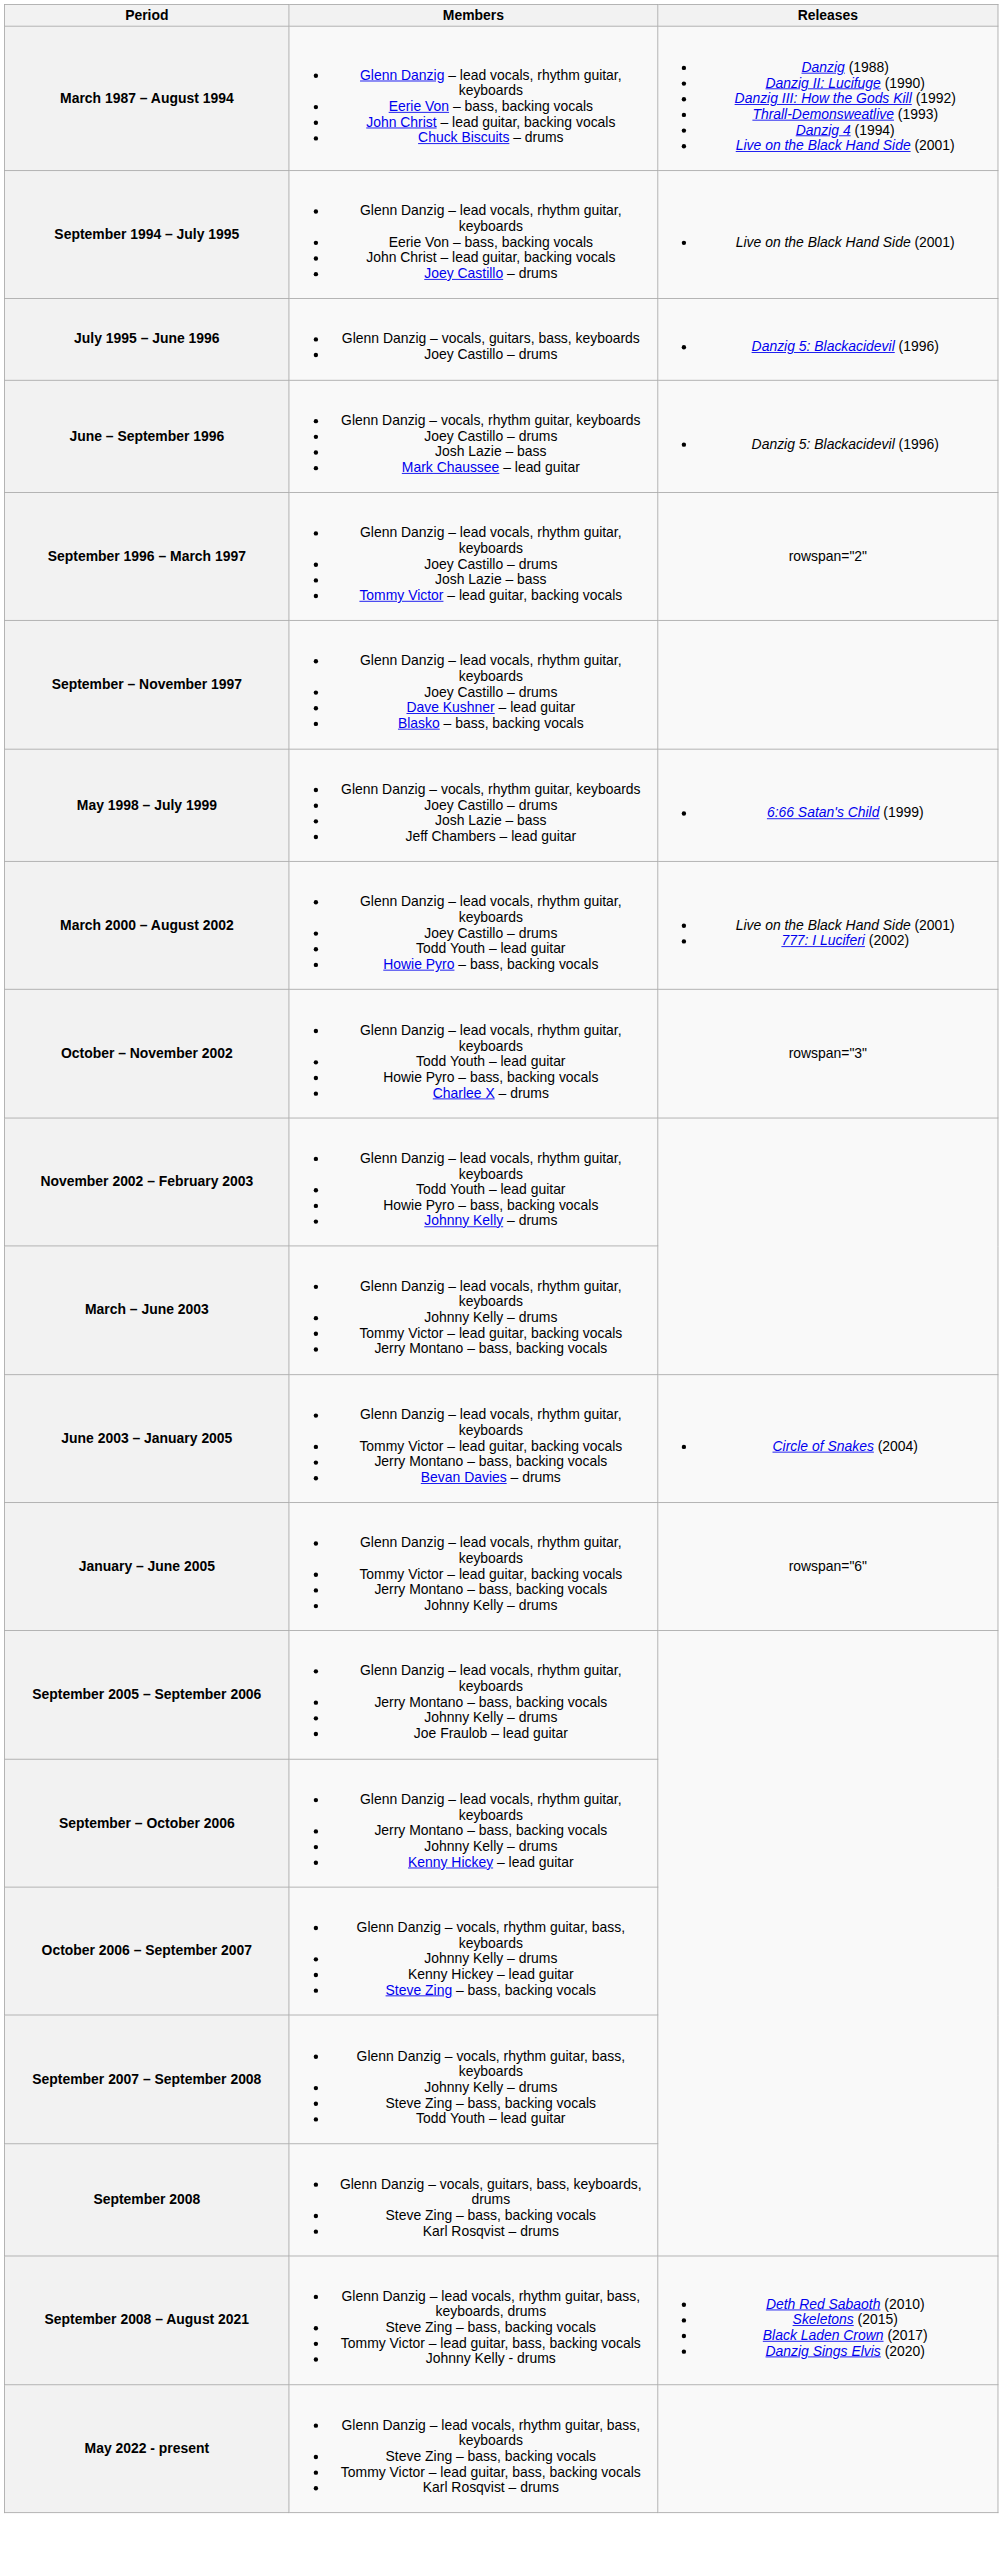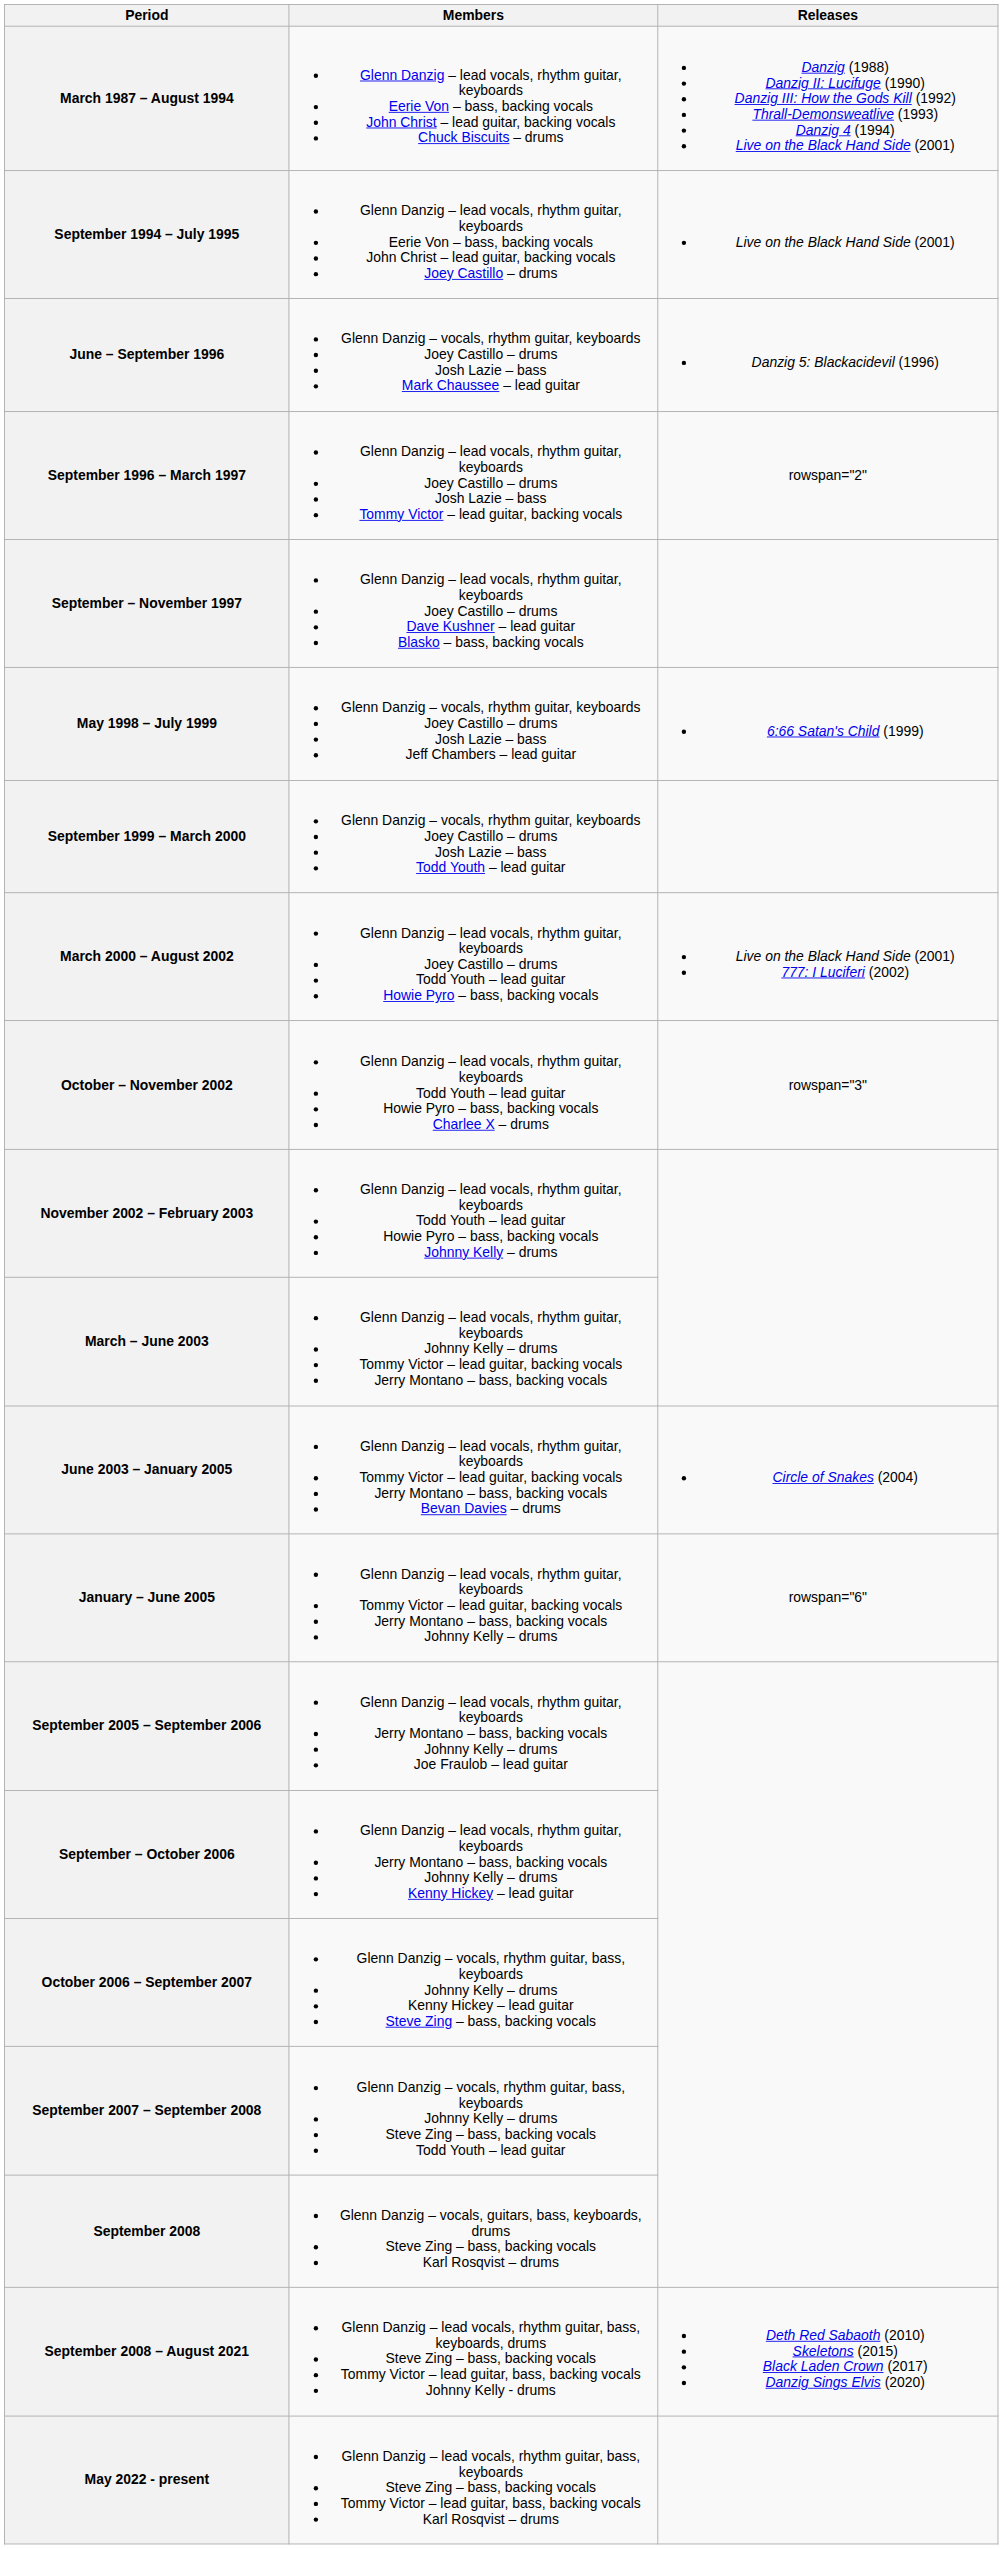 <table class="wikitable plainrowheaders" style="text-align:center;">
 <tr>
 <th scope="col" style="width:20em;">Period</th>
 <th scope="col" style="width:26em;">Members</th>
 <th scope="col" style="width:24em;">Releases</th>
 </tr>
 <tr>
 <th scope="col">March 1987 – August 1994</th>
 <td><br><ul><li><a href='#'>Glenn Danzig</a> – lead vocals, rhythm guitar, keyboards</li><li><a href='#'>Eerie Von</a> – bass, backing vocals</li><li><a href='#'>John Christ</a> – lead guitar, backing vocals</li><li><a href='#'>Chuck Biscuits</a> – drums</li></ul></td>
 <td><br><ul><li><em><a href='#'>Danzig</a></em> (1988)</li><li><em><a href='#'>Danzig II: Lucifuge</a></em> (1990)</li><li><em><a href='#'>Danzig III: How the Gods Kill</a></em> (1992)</li><li><em><a href='#'>Thrall-Demonsweatlive</a></em> (1993)</li><li><em><a href='#'>Danzig 4</a></em> (1994)</li><li><em><a href='#'>Live on the Black Hand Side</a></em> (2001) </li></ul></td>
 </tr>
 <tr>
 <th scope="col">September 1994 – July 1995</th>
 <td><br><ul><li>Glenn Danzig – lead vocals, rhythm guitar, keyboards</li><li>Eerie Von – bass, backing vocals</li><li>John Christ – lead guitar, backing vocals</li><li><a href='#'>Joey Castillo</a> – drums</li></ul></td>
 <td><br><ul><li><em>Live on the Black Hand Side</em> (2001) </li></ul></td>
-</tr>
-<tr>
-<th scope="col">July 1995 – June 1996</th>
-<td><br><ul><li>Glenn Danzig – vocals, guitars, bass, keyboards</li><li>Joey Castillo – drums</li></ul></td>
-<td><br><ul><li><em><a href='#'>Danzig 5: Blackacidevil</a></em> (1996)</li></ul></td>
 </tr>
 <tr>
 <th scope="col">June – September 1996</th>
 <td><br><ul><li>Glenn Danzig – vocals, rhythm guitar, keyboards</li><li>Joey Castillo – drums</li><li>Josh Lazie – bass</li><li><a href='#'>Mark Chaussee</a> – lead guitar</li></ul></td>
 <td><br><ul><li><em>Danzig 5: Blackacidevil</em> (1996) </li></ul></td>
 </tr>
 <tr>
 <th scope="col">September 1996 – March 1997</th>
 <td><br><ul><li>Glenn Danzig – lead vocals, rhythm guitar, keyboards</li><li>Joey Castillo – drums</li><li>Josh Lazie – bass</li><li><a href='#'>Tommy Victor</a> – lead guitar, backing vocals</li></ul></td>
 <td>rowspan="2" </td>
 </tr>
 <tr>
 <th scope="col">September – November 1997</th>
 <td><br><ul><li>Glenn Danzig – lead vocals, rhythm guitar, keyboards</li><li>Joey Castillo – drums</li><li><a href='#'>Dave Kushner</a> – lead guitar</li><li><a href='#'>Blasko</a> – bass, backing vocals</li></ul></td>
 </tr>
 <tr>
 <th scope="col">May 1998 – July 1999</th>
 <td><br><ul><li>Glenn Danzig – vocals, rhythm guitar, keyboards</li><li>Joey Castillo – drums</li><li>Josh Lazie – bass</li><li>Jeff Chambers – lead guitar</li></ul></td>
 <td><br><ul><li><em><a href='#'>6:66 Satan's Child</a></em> (1999)</li></ul></td>
+</tr>
+<tr>
+<th scope="col">September 1999 – March 2000</th>
+<td><br><ul><li>Glenn Danzig – vocals, rhythm guitar, keyboards</li><li>Joey Castillo – drums</li><li>Josh Lazie – bass</li><li><a href='#'>Todd Youth</a> – lead guitar</li></ul></td>
+<td></td>
 </tr>
 <tr>
 <th scope="col">March 2000 – August 2002</th>
 <td><br><ul><li>Glenn Danzig – lead vocals, rhythm guitar, keyboards</li><li>Joey Castillo – drums</li><li>Todd Youth – lead guitar</li><li><a href='#'>Howie Pyro</a> – bass, backing vocals</li></ul></td>
 <td><br><ul><li><em>Live on the Black Hand Side</em> (2001) </li><li><em><a href='#'>777: I Luciferi</a></em> (2002)</li></ul></td>
 </tr>
 <tr>
 <th scope="col">October – November 2002</th>
 <td><br><ul><li>Glenn Danzig – lead vocals, rhythm guitar, keyboards</li><li>Todd Youth – lead guitar</li><li>Howie Pyro – bass, backing vocals</li><li><a href='#'>Charlee X</a> – drums</li></ul></td>
 <td>rowspan="3" </td>
 </tr>
 <tr>
 <th scope="col">November 2002 – February 2003</th>
 <td><br><ul><li>Glenn Danzig – lead vocals, rhythm guitar, keyboards</li><li>Todd Youth – lead guitar</li><li>Howie Pyro – bass, backing vocals</li><li><a href='#'>Johnny Kelly</a> – drums</li></ul></td>
 </tr>
 <tr>
 <th scope="col">March – June 2003</th>
 <td><br><ul><li>Glenn Danzig – lead vocals, rhythm guitar, keyboards</li><li>Johnny Kelly – drums</li><li>Tommy Victor – lead guitar, backing vocals</li><li>Jerry Montano – bass, backing vocals</li></ul></td>
 </tr>
 <tr>
 <th scope="col">June 2003 – January 2005</th>
 <td><br><ul><li>Glenn Danzig – lead vocals, rhythm guitar, keyboards</li><li>Tommy Victor – lead guitar, backing vocals</li><li>Jerry Montano – bass, backing vocals</li><li><a href='#'>Bevan Davies</a> – drums</li></ul></td>
 <td><br><ul><li><em><a href='#'>Circle of Snakes</a></em> (2004)</li></ul></td>
 </tr>
 <tr>
 <th scope="col">January – June 2005</th>
 <td><br><ul><li>Glenn Danzig – lead vocals, rhythm guitar, keyboards</li><li>Tommy Victor – lead guitar, backing vocals</li><li>Jerry Montano – bass, backing vocals</li><li>Johnny Kelly – drums</li></ul></td>
 <td>rowspan="6" </td>
 </tr>
 <tr>
 <th scope="col">September 2005 – September 2006</th>
 <td><br><ul><li>Glenn Danzig – lead vocals, rhythm guitar, keyboards</li><li>Jerry Montano – bass, backing vocals</li><li>Johnny Kelly – drums</li><li>Joe Fraulob – lead guitar</li></ul></td>
 </tr>
 <tr>
 <th scope="col">September – October 2006</th>
 <td><br><ul><li>Glenn Danzig – lead vocals, rhythm guitar, keyboards</li><li>Jerry Montano – bass, backing vocals</li><li>Johnny Kelly – drums</li><li><a href='#'>Kenny Hickey</a> – lead guitar</li></ul></td>
 </tr>
 <tr>
 <th scope="col">October 2006 – September 2007</th>
 <td><br><ul><li>Glenn Danzig – vocals, rhythm guitar, bass, keyboards</li><li>Johnny Kelly – drums</li><li>Kenny Hickey – lead guitar</li><li><a href='#'>Steve Zing</a> – bass, backing vocals </li></ul></td>
 </tr>
 <tr>
 <th scope="col">September 2007 – September 2008</th>
 <td><br><ul><li>Glenn Danzig – vocals, rhythm guitar, bass, keyboards</li><li>Johnny Kelly – drums</li><li>Steve Zing – bass, backing vocals </li><li>Todd Youth – lead guitar</li></ul></td>
 </tr>
 <tr>
 <th scope="col">September 2008</th>
 <td><br><ul><li>Glenn Danzig – vocals, guitars, bass, keyboards, drums</li><li>Steve Zing – bass, backing vocals </li><li>Karl Rosqvist – drums </li></ul></td>
 </tr>
 <tr>
 <th scope="col">September 2008 – August 2021</th>
 <td><br><ul><li>Glenn Danzig – lead vocals, rhythm guitar, bass, keyboards, drums</li><li>Steve Zing – bass, backing vocals </li><li>Tommy Victor – lead guitar, bass, backing vocals</li><li>Johnny Kelly - drums</li></ul></td>
 <td><br><ul><li><em><a href='#'>Deth Red Sabaoth</a></em> (2010)</li><li><em><a href='#'>Skeletons</a></em> (2015)</li><li><em><a href='#'>Black Laden Crown</a></em> (2017)</li><li><em><a href='#'>Danzig Sings Elvis</a></em> (2020) </li></ul></td>
 </tr>
 <tr>
 <th scope="col">May 2022 - present</th>
 <td><br><ul><li>Glenn Danzig – lead vocals, rhythm guitar, bass, keyboards</li><li>Steve Zing – bass, backing vocals </li><li>Tommy Victor – lead guitar, bass, backing vocals</li><li>Karl Rosqvist – drums</li></ul></td>
 <td></td>
 </tr>
 </table>
